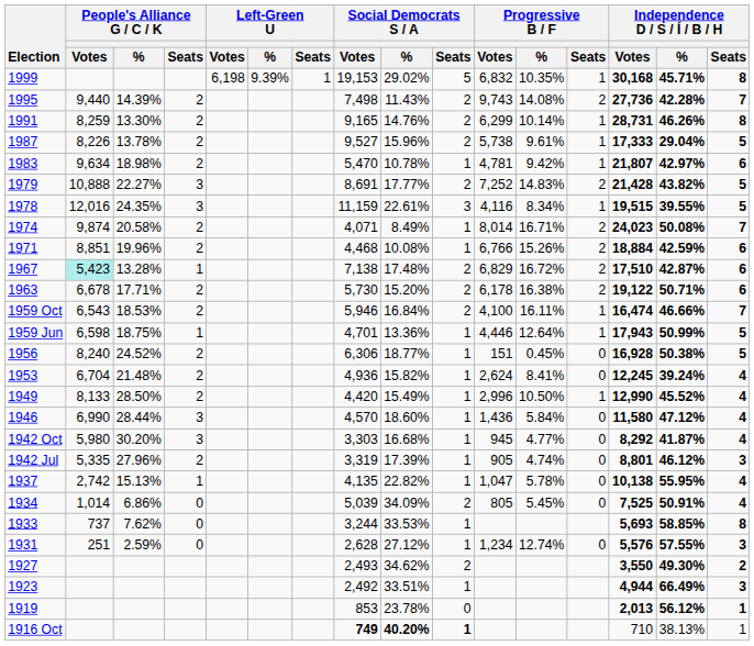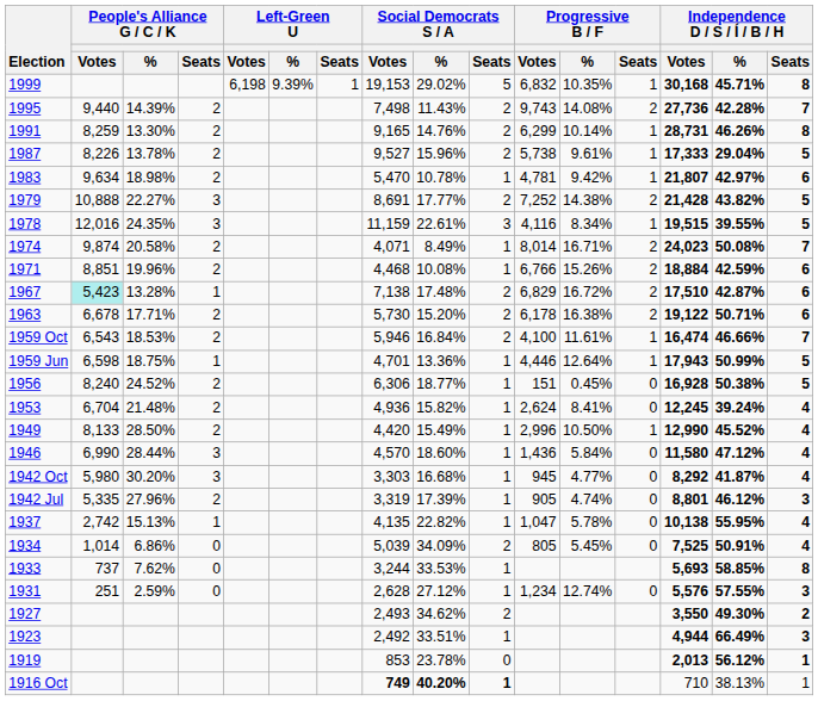 <table class="wikitable" border="1" style="font-size:100%; text-align:right;">
 <tr>
 <th style="text-align:left;" valign=bottom rowspan=3>Election</th>
 <th valign=bottom colspan=3><a href='#'>People's Alliance</a><br>G / C / K</th>
 <th valign=bottom colspan=3><a href='#'>Left-Green</a><br>U</th>
 <th valign=bottom colspan=3><a href='#'>Social Democrats</a><br>S / A</th>
 <th valign=bottom colspan=3><a href='#'>Progressive</a><br>B / F</th>
 <th valign=bottom colspan=3><a href='#'>Independence</a><br>D / S / Í / B / H</th>
 </tr>
 <tr>
 <th colspan=3 style="background:"></th>
 <th colspan=3 style="background:"></th>
 <th colspan=3 style="background:"></th>
 <th colspan=3 style="background:"></th>
 <th colspan=3 style="background:"></th>
 </tr>
 <tr>
 <th>Votes</th>
 <th>%</th>
 <th>Seats</th>
 <th>Votes</th>
 <th>%</th>
 <th>Seats</th>
 <th>Votes</th>
 <th>%</th>
 <th>Seats</th>
 <th>Votes</th>
 <th>%</th>
 <th>Seats</th>
 <th>Votes</th>
 <th>%</th>
 <th>Seats</th>
 </tr>
 <tr>
 <td align=left><a href='#'>1999</a></td>
 <td></td>
 <td></td>
 <td></td>
 <td>6,198</td>
 <td>9.39%</td>
 <td>1</td>
 <td>19,153</td>
 <td>29.02%</td>
 <td>5</td>
 <td>6,832</td>
 <td>10.35%</td>
 <td>1</td>
 <td><strong>30,168</strong></td>
 <td><strong>45.71%</strong></td>
 <td><strong>8</strong></td>
 </tr>
 <tr>
 <td align=left><a href='#'>1995</a></td>
 <td>9,440</td>
 <td>14.39%</td>
 <td>2</td>
 <td></td>
 <td></td>
 <td></td>
 <td>7,498</td>
 <td>11.43%</td>
 <td>2</td>
 <td>9,743</td>
 <td>14.08%</td>
 <td>2</td>
 <td><strong>27,736</strong></td>
 <td><strong>42.28%</strong></td>
 <td><strong>7</strong></td>
 </tr>
 <tr>
 <td align=left><a href='#'>1991</a></td>
 <td>8,259</td>
 <td>13.30%</td>
 <td>2</td>
 <td></td>
 <td></td>
 <td></td>
 <td>9,165</td>
 <td>14.76%</td>
 <td>2</td>
 <td>6,299</td>
 <td>10.14%</td>
 <td>1</td>
 <td><strong>28,731</strong></td>
 <td><strong>46.26%</strong></td>
 <td><strong>8</strong></td>
 </tr>
 <tr>
 <td align=left><a href='#'>1987</a></td>
 <td>8,226</td>
 <td>13.78%</td>
 <td>2</td>
 <td></td>
 <td></td>
 <td></td>
 <td>9,527</td>
 <td>15.96%</td>
 <td>2</td>
 <td>5,738</td>
 <td>9.61%</td>
 <td>1</td>
 <td><strong>17,333</strong></td>
 <td><strong>29.04%</strong></td>
 <td><strong>5</strong></td>
 </tr>
 <tr>
 <td align=left><a href='#'>1983</a></td>
 <td>9,634</td>
 <td>18.98%</td>
 <td>2</td>
 <td></td>
 <td></td>
 <td></td>
 <td>5,470</td>
 <td>10.78%</td>
 <td>1</td>
 <td>4,781</td>
 <td>9.42%</td>
 <td>1</td>
 <td><strong>21,807</strong></td>
 <td><strong>42.97%</strong></td>
 <td><strong>6</strong></td>
 </tr>
 <tr>
 <td align=left><a href='#'>1979</a></td>
 <td>10,888</td>
 <td>22.27%</td>
 <td>3</td>
 <td></td>
 <td></td>
 <td></td>
 <td>8,691</td>
 <td>17.77%</td>
 <td>2</td>
 <td>7,252</td>
-<td>14.83%</td>
+<td>14.38%</td>
 <td>2</td>
 <td><strong>21,428</strong></td>
 <td><strong>43.82%</strong></td>
 <td><strong>5</strong></td>
 </tr>
 <tr>
 <td align=left><a href='#'>1978</a></td>
 <td>12,016</td>
 <td>24.35%</td>
 <td>3</td>
 <td></td>
 <td></td>
 <td></td>
 <td>11,159</td>
 <td>22.61%</td>
 <td>3</td>
 <td>4,116</td>
 <td>8.34%</td>
 <td>1</td>
 <td><strong>19,515</strong></td>
 <td><strong>39.55%</strong></td>
 <td><strong>5</strong></td>
 </tr>
 <tr>
 <td align=left><a href='#'>1974</a></td>
 <td>9,874</td>
 <td>20.58%</td>
 <td>2</td>
 <td></td>
 <td></td>
 <td></td>
 <td>4,071</td>
 <td>8.49%</td>
 <td>1</td>
 <td>8,014</td>
 <td>16.71%</td>
 <td>2</td>
 <td><strong>24,023</strong></td>
 <td><strong>50.08%</strong></td>
 <td><strong>7</strong></td>
 </tr>
 <tr>
 <td align=left><a href='#'>1971</a></td>
 <td>8,851</td>
 <td>19.96%</td>
 <td>2</td>
 <td></td>
 <td></td>
 <td></td>
 <td>4,468</td>
 <td>10.08%</td>
 <td>1</td>
 <td>6,766</td>
 <td>15.26%</td>
 <td>2</td>
 <td><strong>18,884</strong></td>
 <td><strong>42.59%</strong></td>
 <td><strong>6</strong></td>
 </tr>
 <tr>
 <td align=left><a href='#'>1967</a></td>
 <td style="background: paleturquoise;">5,423</td>
 <td>13.28%</td>
 <td>1</td>
 <td></td>
 <td></td>
 <td></td>
 <td>7,138</td>
 <td>17.48%</td>
 <td>2</td>
 <td>6,829</td>
 <td>16.72%</td>
 <td>2</td>
 <td><strong>17,510</strong></td>
 <td><strong>42.87%</strong></td>
 <td><strong>6</strong></td>
 </tr>
 <tr>
 <td align=left><a href='#'>1963</a></td>
 <td>6,678</td>
 <td>17.71%</td>
 <td>2</td>
 <td></td>
 <td></td>
 <td></td>
 <td>5,730</td>
 <td>15.20%</td>
 <td>2</td>
 <td>6,178</td>
 <td>16.38%</td>
 <td>2</td>
 <td><strong>19,122</strong></td>
 <td><strong>50.71%</strong></td>
 <td><strong>6</strong></td>
 </tr>
 <tr>
 <td align=left><a href='#'>1959 Oct</a></td>
 <td>6,543</td>
 <td>18.53%</td>
 <td>2</td>
 <td></td>
 <td></td>
 <td></td>
 <td>5,946</td>
 <td>16.84%</td>
 <td>2</td>
 <td>4,100</td>
-<td>16.11%</td>
+<td>11.61%</td>
 <td>1</td>
 <td><strong>16,474</strong></td>
 <td><strong>46.66%</strong></td>
 <td><strong>7</strong></td>
 </tr>
 <tr>
 <td align=left><a href='#'>1959 Jun</a></td>
 <td>6,598</td>
 <td>18.75%</td>
 <td>1</td>
 <td></td>
 <td></td>
 <td></td>
 <td>4,701</td>
 <td>13.36%</td>
 <td>1</td>
 <td>4,446</td>
 <td>12.64%</td>
 <td>1</td>
 <td><strong>17,943</strong></td>
 <td><strong>50.99%</strong></td>
 <td><strong>5</strong></td>
 </tr>
 <tr>
 <td align=left><a href='#'>1956</a></td>
 <td>8,240</td>
 <td>24.52%</td>
 <td>2</td>
 <td></td>
 <td></td>
 <td></td>
 <td>6,306</td>
 <td>18.77%</td>
 <td>1</td>
 <td>151</td>
 <td>0.45%</td>
 <td>0</td>
 <td><strong>16,928</strong></td>
 <td><strong>50.38%</strong></td>
 <td><strong>5</strong></td>
 </tr>
 <tr>
 <td align=left><a href='#'>1953</a></td>
 <td>6,704</td>
 <td>21.48%</td>
 <td>2</td>
 <td></td>
 <td></td>
 <td></td>
 <td>4,936</td>
 <td>15.82%</td>
 <td>1</td>
 <td>2,624</td>
 <td>8.41%</td>
 <td>0</td>
 <td><strong>12,245</strong></td>
 <td><strong>39.24%</strong></td>
 <td><strong>4</strong></td>
 </tr>
 <tr>
 <td align=left><a href='#'>1949</a></td>
 <td>8,133</td>
 <td>28.50%</td>
 <td>2</td>
 <td></td>
 <td></td>
 <td></td>
 <td>4,420</td>
 <td>15.49%</td>
 <td>1</td>
 <td>2,996</td>
 <td>10.50%</td>
 <td>1</td>
 <td><strong>12,990</strong></td>
 <td><strong>45.52%</strong></td>
 <td><strong>4</strong></td>
 </tr>
 <tr>
 <td align=left><a href='#'>1946</a></td>
 <td>6,990</td>
 <td>28.44%</td>
 <td>3</td>
 <td></td>
 <td></td>
 <td></td>
 <td>4,570</td>
 <td>18.60%</td>
 <td>1</td>
 <td>1,436</td>
 <td>5.84%</td>
 <td>0</td>
 <td><strong>11,580</strong></td>
 <td><strong>47.12%</strong></td>
 <td><strong>4</strong></td>
 </tr>
 <tr>
 <td align=left><a href='#'>1942 Oct</a></td>
 <td>5,980</td>
 <td>30.20%</td>
 <td>3</td>
 <td></td>
 <td></td>
 <td></td>
 <td>3,303</td>
 <td>16.68%</td>
 <td>1</td>
 <td>945</td>
 <td>4.77%</td>
 <td>0</td>
 <td><strong>8,292</strong></td>
 <td><strong>41.87%</strong></td>
 <td><strong>4</strong></td>
 </tr>
 <tr>
 <td align=left><a href='#'>1942 Jul</a></td>
 <td>5,335</td>
 <td>27.96%</td>
 <td>2</td>
 <td></td>
 <td></td>
 <td></td>
 <td>3,319</td>
 <td>17.39%</td>
 <td>1</td>
 <td>905</td>
 <td>4.74%</td>
 <td>0</td>
 <td><strong>8,801</strong></td>
 <td><strong>46.12%</strong></td>
 <td><strong>3</strong></td>
 </tr>
 <tr>
 <td align=left><a href='#'>1937</a></td>
 <td>2,742</td>
 <td>15.13%</td>
 <td>1</td>
 <td></td>
 <td></td>
 <td></td>
 <td>4,135</td>
 <td>22.82%</td>
 <td>1</td>
 <td>1,047</td>
 <td>5.78%</td>
 <td>0</td>
 <td><strong>10,138</strong></td>
 <td><strong>55.95%</strong></td>
 <td><strong>4</strong></td>
 </tr>
 <tr>
 <td align=left><a href='#'>1934</a></td>
 <td>1,014</td>
 <td>6.86%</td>
 <td>0</td>
 <td></td>
 <td></td>
 <td></td>
 <td>5,039</td>
 <td>34.09%</td>
 <td>2</td>
 <td>805</td>
 <td>5.45%</td>
 <td>0</td>
 <td><strong>7,525</strong></td>
 <td><strong>50.91%</strong></td>
 <td><strong>4</strong></td>
 </tr>
 <tr>
 <td align=left><a href='#'>1933</a></td>
 <td>737</td>
 <td>7.62%</td>
 <td>0</td>
 <td></td>
 <td></td>
 <td></td>
 <td>3,244</td>
 <td>33.53%</td>
 <td>1</td>
 <td></td>
 <td></td>
 <td></td>
 <td><strong>5,693</strong></td>
 <td><strong>58.85%</strong></td>
 <td><strong>8</strong></td>
 </tr>
 <tr>
 <td align=left><a href='#'>1931</a></td>
 <td>251</td>
 <td>2.59%</td>
 <td>0</td>
 <td></td>
 <td></td>
 <td></td>
 <td>2,628</td>
 <td>27.12%</td>
 <td>1</td>
 <td>1,234</td>
 <td>12.74%</td>
 <td>0</td>
 <td><strong>5,576</strong></td>
 <td><strong>57.55%</strong></td>
 <td><strong>3</strong></td>
 </tr>
 <tr>
 <td align=left><a href='#'>1927</a></td>
 <td></td>
 <td></td>
 <td></td>
 <td></td>
 <td></td>
 <td></td>
 <td>2,493</td>
 <td>34.62%</td>
 <td>2</td>
 <td></td>
 <td></td>
 <td></td>
 <td><strong>3,550</strong></td>
 <td><strong>49.30%</strong></td>
 <td><strong>2</strong></td>
 </tr>
 <tr>
 <td align=left><a href='#'>1923</a></td>
 <td></td>
 <td></td>
 <td></td>
 <td></td>
 <td></td>
 <td></td>
 <td>2,492</td>
 <td>33.51%</td>
 <td>1</td>
 <td></td>
 <td></td>
 <td></td>
 <td><strong>4,944</strong></td>
 <td><strong>66.49%</strong></td>
 <td><strong>3</strong></td>
 </tr>
 <tr>
 <td align=left><a href='#'>1919</a></td>
 <td></td>
 <td></td>
 <td></td>
 <td></td>
 <td></td>
 <td></td>
 <td>853</td>
 <td>23.78%</td>
 <td>0</td>
 <td></td>
 <td></td>
 <td></td>
 <td><strong>2,013</strong></td>
 <td><strong>56.12%</strong></td>
 <td><strong>1</strong></td>
 </tr>
 <tr>
 <td align=left><a href='#'>1916 Oct</a></td>
 <td></td>
 <td></td>
 <td></td>
 <td></td>
 <td></td>
 <td></td>
 <td><strong>749</strong></td>
 <td><strong>40.20%</strong></td>
 <td><strong>1</strong></td>
 <td></td>
 <td></td>
 <td></td>
 <td>710</td>
 <td>38.13%</td>
 <td>1</td>
 </tr>
 </table>
